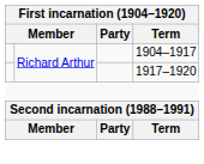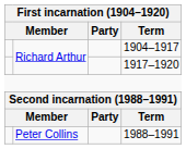 <table class="wikitable" style='border-style: none none none none;'>
 <tr>
 <th colspan="4">First incarnation (1904–1920)</th>
 </tr>
 <tr>
 <th colspan="2">Member</th>
 <th>Party</th>
 <th>Term</th>
 </tr>
 <tr style="background: #f9f9f9">
 <td> </td>
 <td rowspan="2"><a href='#'>Richard Arthur</a></td>
 <td></td>
 <td>1904–1917</td>
 </tr>
 <tr style="background: #f9f9f9">
 <td> </td>
 <td></td>
 <td>1917–1920</td>
 </tr>
 <tr>
 <td colspan="4" style='border-style: none none none none;'> </td>
 </tr>
 <tr>
 <th colspan="4">Second incarnation (1988–1991)</th>
 </tr>
 <tr>
 <th colspan="2">Member</th>
 <th>Party</th>
 <th>Term</th>
 </tr>
+<tr style="background: #f9f9f9">
+<td> </td>
+<td><a href='#'>Peter Collins</a></td>
+<td></td>
+<td>1988–1991</td>
+</tr>
 </table>
